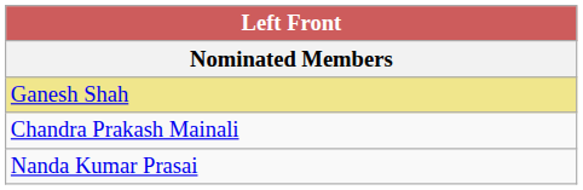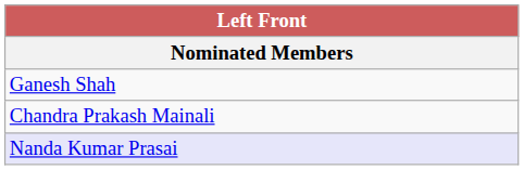 <table role="presentation" class="wikitable mw-collapsible mw-collapsed">
 <tr>
 <th colspan="2" style="width: 300pt; background:indianred; color: white;">Left Front</th>
 </tr>
 <tr>
 <th>Nominated Members</th>
 </tr>
 <tr>
-<td style="background: khaki;"><a href='#'>Ganesh Shah</a></td>
+<td><a href='#'>Ganesh Shah</a></td>
 </tr>
 <tr>
 <td><a href='#'>Chandra Prakash Mainali</a></td>
 </tr>
 <tr>
-<td><a href='#'>Nanda Kumar Prasai</a></td>
+<td style="background: lavender;"><a href='#'>Nanda Kumar Prasai</a></td>
 </tr>
 </table>
